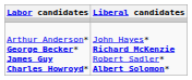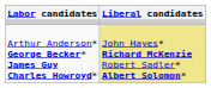 <table class="wikitable">
 <tr>
 <th><a href='#'>Labor</a> candidates</th>
 <th><a href='#'>Liberal</a> candidates</th>
 </tr>
 <tr bgcolor="#cccccc">
 <td></td>
 <td></td>
 </tr>
 <tr>
 <td><br><a href='#'>Arthur Anderson</a>*<br> <strong><a href='#'>George Becker</a></strong>*<br> <strong><a href='#'>James Guy</a></strong><br> <strong><a href='#'>Charles Howroyd</a></strong>*</td>
-<td><br><a href='#'>John Hayes</a>*<br> <strong><a href='#'>Richard McKenzie</a></strong><br> <a href='#'>Robert Sadler</a>*<br> <strong><a href='#'>Albert Solomon</a></strong>*</td>
+<td style="background: khaki;"><br><a href='#'>John Hayes</a>*<br> <strong><a href='#'>Richard McKenzie</a></strong><br> <a href='#'>Robert Sadler</a>*<br> <strong><a href='#'>Albert Solomon</a></strong>*</td>
 </tr>
 </table>
